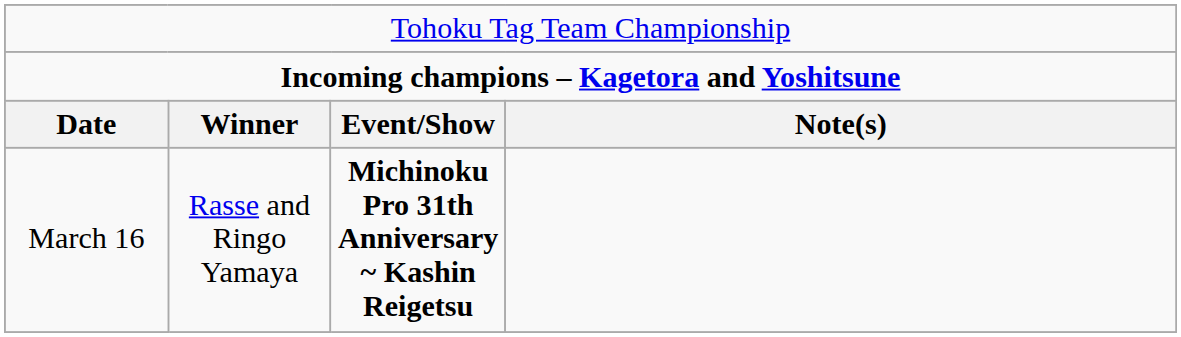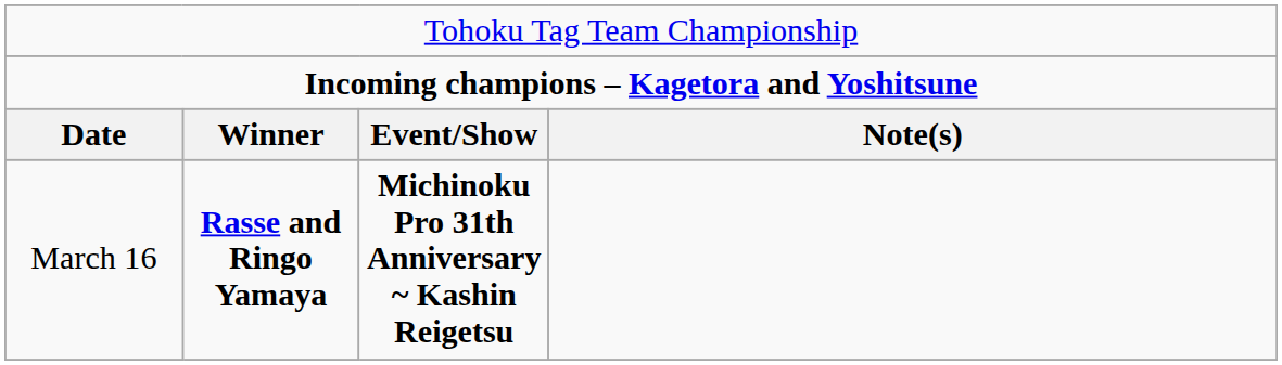 <table class="wikitable" style="text-align:center; width:100%;">
 <tr>
 <td colspan="4" style="text-align: center;"><a href='#'>Tohoku Tag Team Championship</a></td>
 </tr>
 <tr>
 <td colspan="4" style="text-align: center;"><strong>Incoming champions – <a href='#'>Kagetora</a> and <a href='#'>Yoshitsune</a></strong></td>
 </tr>
 <tr>
 <th width=14%>Date</th>
 <th width=14%>Winner</th>
 <th width=14%>Event/Show</th>
 <th width=58%>Note(s)</th>
 </tr>
 <tr>
 <td>March 16<br></td>
-<td><a href='#'>Rasse</a> and Ringo Yamaya</td>
+<td><strong><a href='#'>Rasse</a> and Ringo Yamaya</strong></td>
 <td><strong>Michinoku Pro 31th Anniversary ~ Kashin Reigetsu<br></strong></td>
 <td></td>
 </tr>
 </table>
